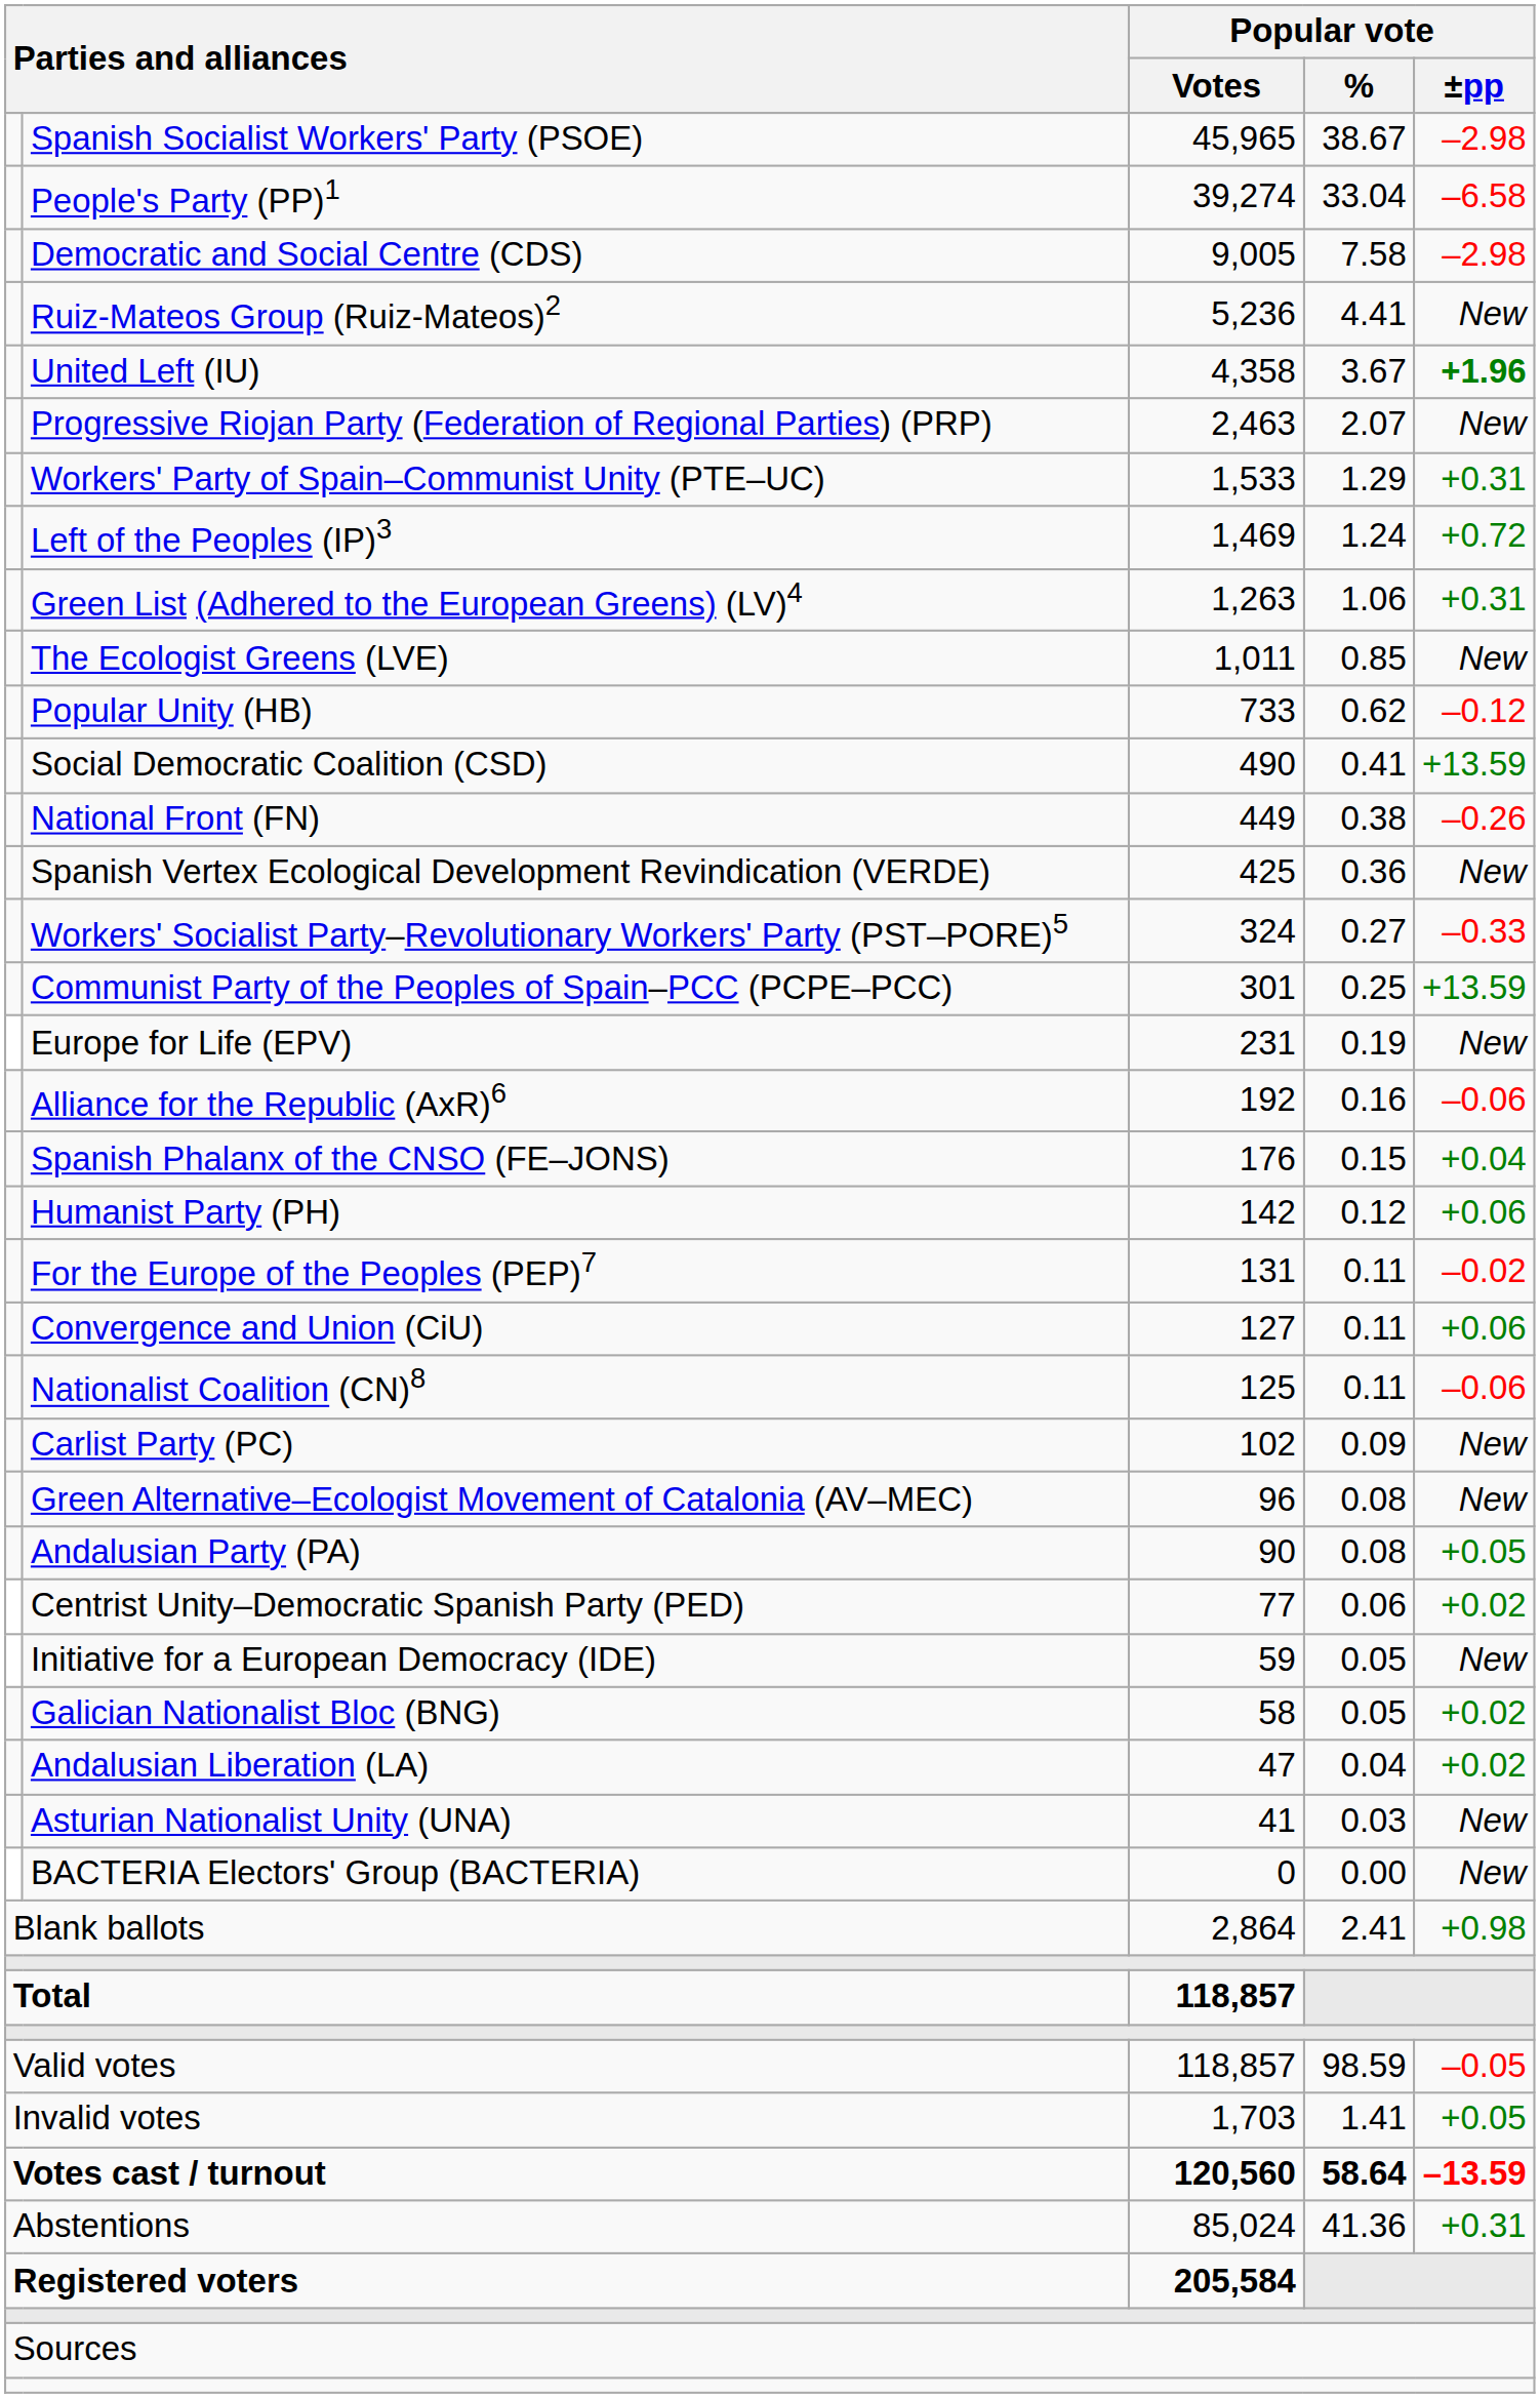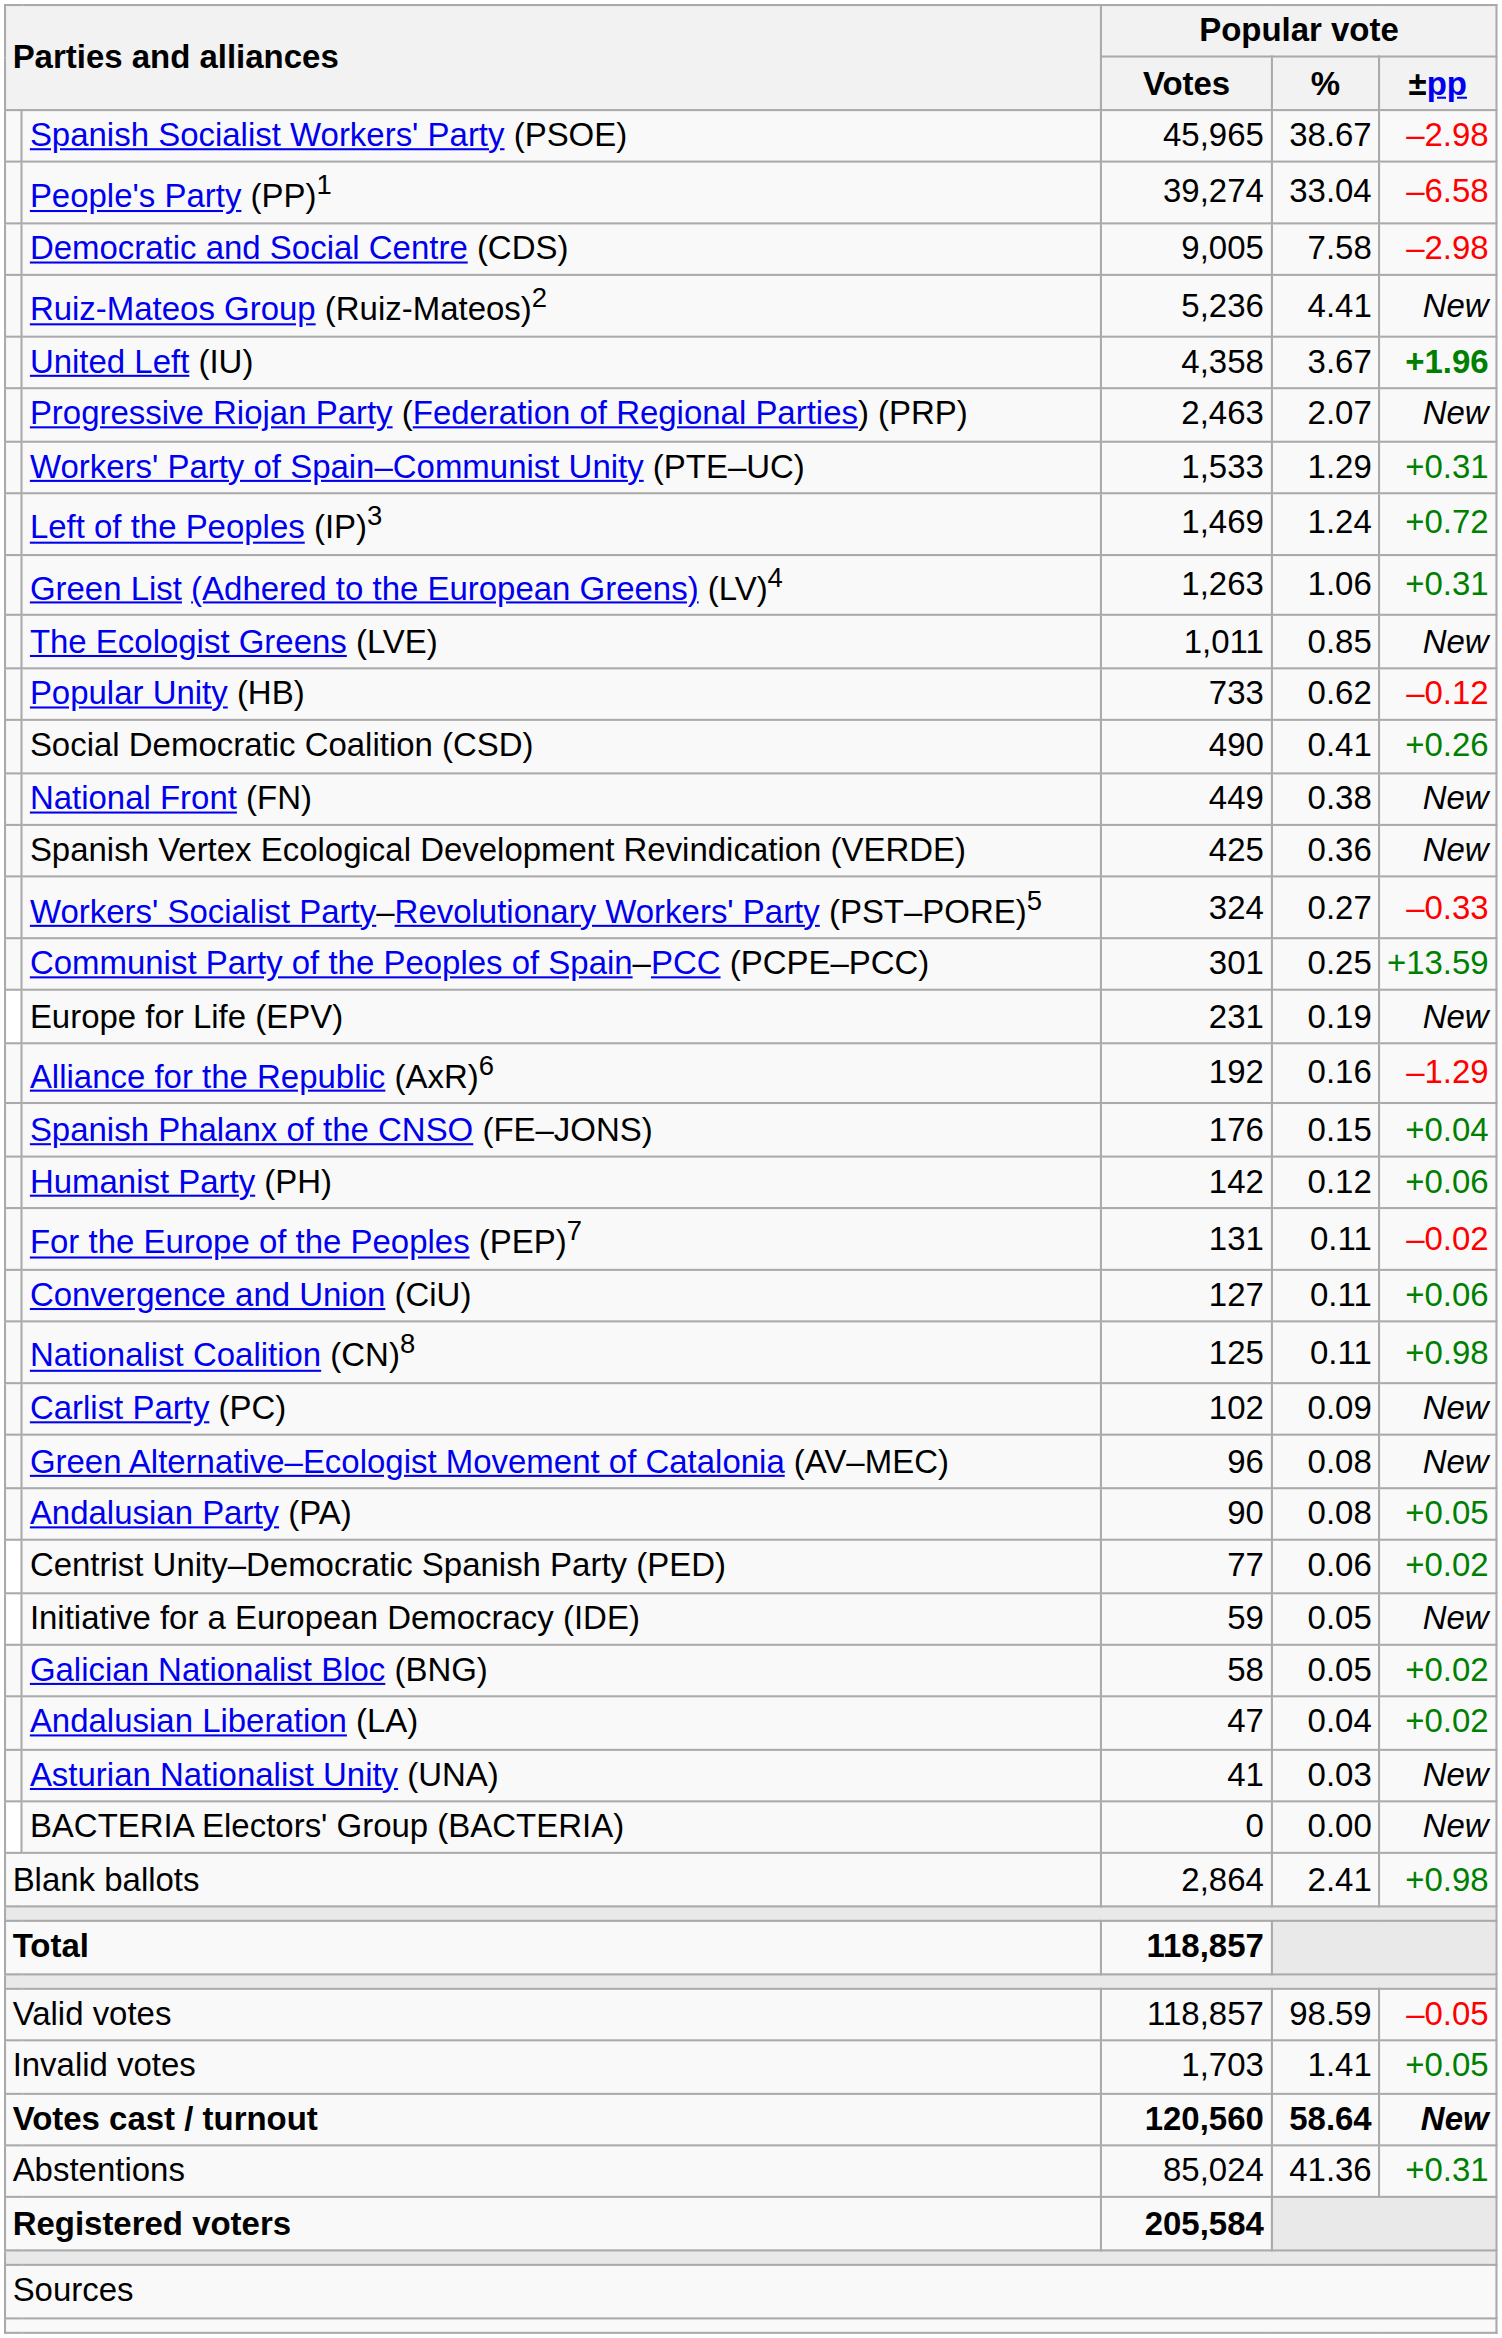 <table class="wikitable" style="text-align:right">
 <tr>
 <th style="text-align:left;" rowspan="2" colspan="2" width="525">Parties and alliances</th>
 <th colspan="3">Popular vote</th>
 </tr>
 <tr>
 <th width="75">Votes</th>
 <th width="45">%</th>
 <th width="45">±<a href='#'>pp</a></th>
 </tr>
 <tr>
 <td width="1" style="color:inherit;background:"></td>
 <td align="left"><a href='#'>Spanish Socialist Workers' Party</a> (PSOE)</td>
 <td>45,965</td>
 <td>38.67</td>
 <td style="color:red;">–2.98</td>
 </tr>
 <tr>
 <td style="color:inherit;background:"></td>
 <td align="left"><a href='#'>People's Party</a> (PP)<sup>1</sup></td>
 <td>39,274</td>
 <td>33.04</td>
 <td style="color:red;">–6.58</td>
 </tr>
 <tr>
 <td style="color:inherit;background:"></td>
 <td align="left"><a href='#'>Democratic and Social Centre</a> (CDS)</td>
 <td>9,005</td>
 <td>7.58</td>
 <td style="color:red;">–2.98</td>
 </tr>
 <tr>
 <td style="color:inherit;background:"></td>
 <td align="left"><a href='#'>Ruiz-Mateos Group</a> (Ruiz-Mateos)<sup>2</sup></td>
 <td>5,236</td>
 <td>4.41</td>
 <td><em>New</em></td>
 </tr>
 <tr>
 <td style="color:inherit;background:"></td>
 <td align="left"><a href='#'>United Left</a> (IU)</td>
 <td>4,358</td>
 <td>3.67</td>
 <td style="color:green;"><strong>+1.96</strong></td>
 </tr>
 <tr>
 <td style="color:inherit;background:"></td>
 <td align="left"><a href='#'>Progressive Riojan Party</a> (<a href='#'>Federation of Regional Parties</a>) (PRP)</td>
 <td>2,463</td>
 <td>2.07</td>
 <td><em>New</em></td>
 </tr>
 <tr>
 <td style="color:inherit;background:"></td>
 <td align="left"><a href='#'>Workers' Party of Spain–Communist Unity</a> (PTE–UC)</td>
 <td>1,533</td>
 <td>1.29</td>
 <td style="color:green;">+0.31</td>
 </tr>
 <tr>
 <td style="color:inherit;background:"></td>
 <td align="left"><a href='#'>Left of the Peoples</a> (IP)<sup>3</sup></td>
 <td>1,469</td>
 <td>1.24</td>
 <td style="color:green;">+0.72</td>
 </tr>
 <tr>
 <td style="color:inherit;background:"></td>
 <td align="left"><a href='#'>Green List</a> <a href='#'>(Adhered to the European Greens)</a> (LV)<sup>4</sup></td>
 <td>1,263</td>
 <td>1.06</td>
 <td style="color:green;">+0.31</td>
 </tr>
 <tr>
 <td style="color:inherit;background:"></td>
 <td align="left"><a href='#'>The Ecologist Greens</a> (LVE)</td>
 <td>1,011</td>
 <td>0.85</td>
 <td><em>New</em></td>
 </tr>
 <tr>
 <td style="color:inherit;background:"></td>
 <td align="left"><a href='#'>Popular Unity</a> (HB)</td>
 <td>733</td>
 <td>0.62</td>
 <td style="color:red;">–0.12</td>
 </tr>
 <tr>
 <td style="color:inherit;background:"></td>
 <td align="left">Social Democratic Coalition (CSD)</td>
 <td>490</td>
 <td>0.41</td>
-<td style="color:green;">+13.59</td>
+<td style="color:green;">+0.26</td>
 </tr>
 <tr>
 <td style="color:inherit;background:"></td>
 <td align="left"><a href='#'>National Front</a> (FN)</td>
 <td>449</td>
 <td>0.38</td>
-<td style="color:red;">–0.26</td>
+<td><em>New</em></td>
 </tr>
 <tr>
 <td style="color:inherit;background:"></td>
 <td align="left">Spanish Vertex Ecological Development Revindication (VERDE)</td>
 <td>425</td>
 <td>0.36</td>
 <td><em>New</em></td>
 </tr>
 <tr>
 <td style="color:inherit;background:"></td>
 <td align="left"><a href='#'>Workers' Socialist Party</a>–<a href='#'>Revolutionary Workers' Party</a> (PST–PORE)<sup>5</sup></td>
 <td>324</td>
 <td>0.27</td>
 <td style="color:red;">–0.33</td>
 </tr>
 <tr>
 <td style="color:inherit;background:"></td>
 <td align="left"><a href='#'>Communist Party of the Peoples of Spain</a>–<a href='#'>PCC</a> (PCPE–PCC)</td>
 <td>301</td>
 <td>0.25</td>
 <td style="color:green;">+13.59</td>
 </tr>
 <tr>
 <td bgcolor="white"></td>
 <td align="left">Europe for Life (EPV)</td>
 <td>231</td>
 <td>0.19</td>
 <td><em>New</em></td>
 </tr>
 <tr>
 <td style="color:inherit;background:"></td>
 <td align="left"><a href='#'>Alliance for the Republic</a> (AxR)<sup>6</sup></td>
 <td>192</td>
 <td>0.16</td>
-<td style="color:red;">–0.06</td>
+<td style="color:red;">–1.29</td>
 </tr>
 <tr>
 <td style="color:inherit;background:"></td>
 <td align="left"><a href='#'>Spanish Phalanx of the CNSO</a> (FE–JONS)</td>
 <td>176</td>
 <td>0.15</td>
 <td style="color:green;">+0.04</td>
 </tr>
 <tr>
 <td style="color:inherit;background:"></td>
 <td align="left"><a href='#'>Humanist Party</a> (PH)</td>
 <td>142</td>
 <td>0.12</td>
 <td style="color:green;">+0.06</td>
 </tr>
 <tr>
 <td style="color:inherit;background:"></td>
 <td align="left"><a href='#'>For the Europe of the Peoples</a> (PEP)<sup>7</sup></td>
 <td>131</td>
 <td>0.11</td>
 <td style="color:red;">–0.02</td>
 </tr>
 <tr>
 <td style="color:inherit;background:"></td>
 <td align="left"><a href='#'>Convergence and Union</a> (CiU)</td>
 <td>127</td>
 <td>0.11</td>
 <td style="color:green;">+0.06</td>
 </tr>
 <tr>
 <td style="color:inherit;background:"></td>
 <td align="left"><a href='#'>Nationalist Coalition</a> (CN)<sup>8</sup></td>
 <td>125</td>
 <td>0.11</td>
-<td style="color:red;">–0.06</td>
+<td style="color:green;">+0.98</td>
 </tr>
 <tr>
 <td style="color:inherit;background:"></td>
 <td align="left"><a href='#'>Carlist Party</a> (PC)</td>
 <td>102</td>
 <td>0.09</td>
 <td><em>New</em></td>
 </tr>
 <tr>
 <td style="color:inherit;background:"></td>
 <td align="left"><a href='#'>Green Alternative–Ecologist Movement of Catalonia</a> (AV–MEC)</td>
 <td>96</td>
 <td>0.08</td>
 <td><em>New</em></td>
 </tr>
 <tr>
 <td style="color:inherit;background:"></td>
 <td align="left"><a href='#'>Andalusian Party</a> (PA)</td>
 <td>90</td>
 <td>0.08</td>
 <td style="color:green;">+0.05</td>
 </tr>
 <tr>
 <td bgcolor="white"></td>
 <td align="left">Centrist Unity–Democratic Spanish Party (PED)</td>
 <td>77</td>
 <td>0.06</td>
 <td style="color:green;">+0.02</td>
 </tr>
 <tr>
 <td bgcolor="white"></td>
 <td align="left">Initiative for a European Democracy (IDE)</td>
 <td>59</td>
 <td>0.05</td>
 <td><em>New</em></td>
 </tr>
 <tr>
 <td style="color:inherit;background:"></td>
 <td align="left"><a href='#'>Galician Nationalist Bloc</a> (BNG)</td>
 <td>58</td>
 <td>0.05</td>
 <td style="color:green;">+0.02</td>
 </tr>
 <tr>
 <td style="color:inherit;background:"></td>
 <td align="left"><a href='#'>Andalusian Liberation</a> (LA)</td>
 <td>47</td>
 <td>0.04</td>
 <td style="color:green;">+0.02</td>
 </tr>
 <tr>
 <td style="color:inherit;background:"></td>
 <td align="left"><a href='#'>Asturian Nationalist Unity</a> (UNA)</td>
 <td>41</td>
 <td>0.03</td>
 <td><em>New</em></td>
 </tr>
 <tr>
 <td bgcolor="white"></td>
 <td align="left">BACTERIA Electors' Group (BACTERIA)</td>
 <td>0</td>
 <td>0.00</td>
 <td><em>New</em></td>
 </tr>
 <tr>
 <td align="left" colspan="2">Blank ballots</td>
 <td>2,864</td>
 <td>2.41</td>
 <td style="color:green;">+0.98</td>
 </tr>
 <tr>
 <td colspan="5" bgcolor="#E9E9E9"></td>
 </tr>
 <tr style="font-weight:bold;">
 <td align="left" colspan="2">Total</td>
 <td>118,857</td>
 <td bgcolor="#E9E9E9" colspan="2"></td>
 </tr>
 <tr>
 <td colspan="5" bgcolor="#E9E9E9"></td>
 </tr>
 <tr>
 <td align="left" colspan="2">Valid votes</td>
 <td>118,857</td>
 <td>98.59</td>
 <td style="color:red;">–0.05</td>
 </tr>
 <tr>
 <td align="left" colspan="2">Invalid votes</td>
 <td>1,703</td>
 <td>1.41</td>
 <td style="color:green;">+0.05</td>
 </tr>
 <tr style="font-weight:bold;">
 <td align="left" colspan="2">Votes cast / turnout</td>
 <td>120,560</td>
 <td>58.64</td>
-<td style="color:red;">–13.59</td>
+<td><em>New</em></td>
 </tr>
 <tr>
 <td align="left" colspan="2">Abstentions</td>
 <td>85,024</td>
 <td>41.36</td>
 <td style="color:green;">+0.31</td>
 </tr>
 <tr style="font-weight:bold;">
 <td align="left" colspan="2">Registered voters</td>
 <td>205,584</td>
 <td bgcolor="#E9E9E9" colspan="2"></td>
 </tr>
 <tr>
 <td colspan="5" bgcolor="#E9E9E9"></td>
 </tr>
 <tr>
 <td align="left" colspan="5">Sources</td>
 </tr>
 <tr>
 <td colspan="5" style="text-align:left; max-width:680px;"></td>
 </tr>
 </table>
